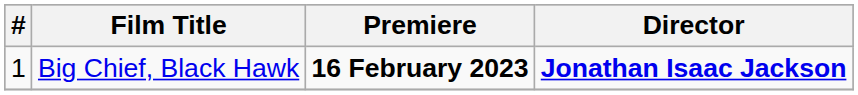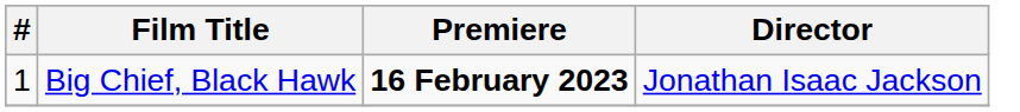 <table class="wikitable sortable">
 <tr>
 <th>#</th>
 <th>Film Title</th>
 <th>Premiere</th>
 <th>Director</th>
 </tr>
 <tr>
 <td>1</td>
 <td><a href='#'>Big Chief, Black Hawk</a></td>
 <td><strong>16 February 2023</strong></td>
-<td><strong><a href='#'>Jonathan Isaac Jackson</a></strong></td>
+<td><a href='#'>Jonathan Isaac Jackson</a></td>
 </tr>
 <tr>
 </tr>
 </table>
